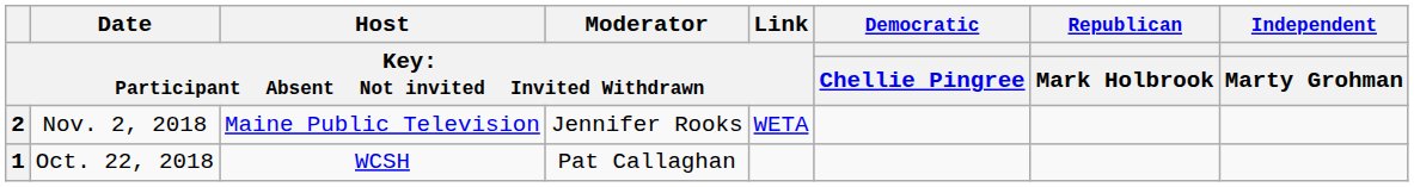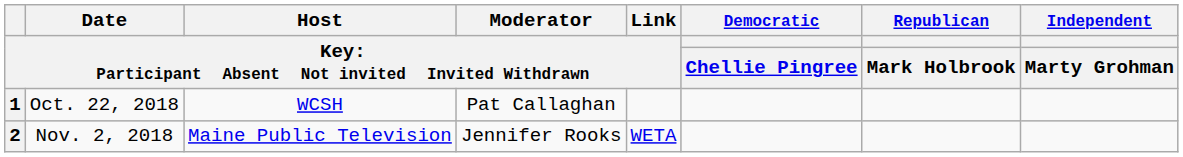 <table class="wikitable" style="text-align:center;">
 <tr>
 <th scope="col"></th>
 <th scope="col">Date</th>
 <th scope="col">Host</th>
 <th scope="col">Moderator</th>
 <th scope="col">Link</th>
 <th scope="col"><small><a href='#'>Democratic</a></small></th>
 <th scope="col"><small><a href='#'>Republican</a></small></th>
 <th scope="col"><small><a href='#'>Independent</a></small></th>
 </tr>
 <tr>
 <th colspan="5" rowspan="2">Key:<br> <small>Participant </small>  <small>Absent </small>  <small>Not invited </small>  <small>Invited  Withdrawn</small></th>
 <th scope="col" style="background:"></th>
 <th scope="col" style="background:"></th>
 <th scope="col" style="background:"></th>
 </tr>
 <tr>
 <th scope="col"><a href='#'>Chellie Pingree</a></th>
 <th scope="col">Mark Holbrook</th>
 <th scope="col">Marty Grohman</th>
 </tr>
 <tr>
+<th>1</th>
+<td style="white-space:nowrap;">Oct. 22, 2018</td>
+<td style="white-space:nowrap;"><a href='#'>WCSH</a></td>
+<td style="white-space:nowrap;">Pat Callaghan</td>
+<td style="white-space:nowrap;"></td>
+<td></td>
+<td></td>
+<td></td>
+</tr>
+<tr>
 <th>2</th>
 <td style="white-space:nowrap;">Nov. 2, 2018</td>
 <td style="white-space:nowrap;"><a href='#'>Maine Public Television</a></td>
 <td style="white-space:nowrap;">Jennifer Rooks</td>
 <td style="white-space:nowrap;"><a href='#'>WETA</a></td>
 <td></td>
 <td></td>
 <td></td>
 </tr>
-<tr>
-<th>1</th>
-<td style="white-space:nowrap;">Oct. 22, 2018</td>
-<td style="white-space:nowrap;"><a href='#'>WCSH</a></td>
-<td style="white-space:nowrap;">Pat Callaghan</td>
-<td style="white-space:nowrap;"></td>
-<td></td>
-<td></td>
-<td></td>
-</tr>
 </table>
